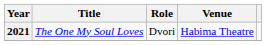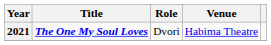 <table class="wikitable plainrowheaders sortable">
 <tr>
 <th scope="col">Year</th>
 <th scope="col">Title</th>
 <th scope="col">Role</th>
 <th scope="col">Venue</th>
 <th scope="col" class="unsortable"></th>
 </tr>
 <tr>
 <th scope="row">2021</th>
-<td><em><a href='#'>The One My Soul Loves</a></em></td>
+<td><strong><em><a href='#'>The One My Soul Loves</a></em></strong></td>
 <td>Dvori</td>
 <td><a href='#'>Habima Theatre</a></td>
 <td style="text-align:center;"></td>
 </tr>
 <tr>
 </tr>
 </table>
